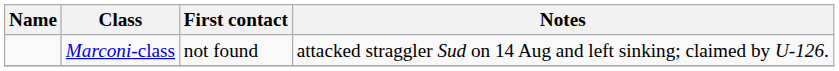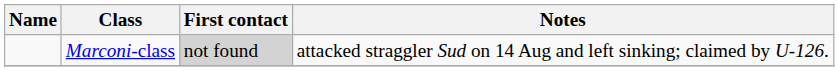 <table class="wikitable">
 <tr>
 <th>Name</th>
 <th>Class</th>
 <th>First contact</th>
 <th>Notes</th>
 </tr>
 <tr>
 <td></td>
 <td><a href='#'><em>Marconi</em>-class</a></td>
-<td>not found</td>
+<td style="background: lightgrey;">not found</td>
 <td>attacked straggler <em>Sud</em> on 14 Aug and left sinking; claimed by <em>U-126</em>.</td>
 </tr>
 <tr>
 </tr>
 </table>
